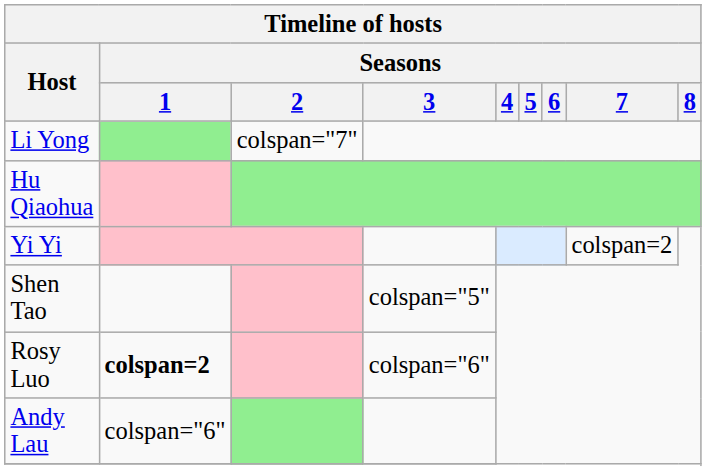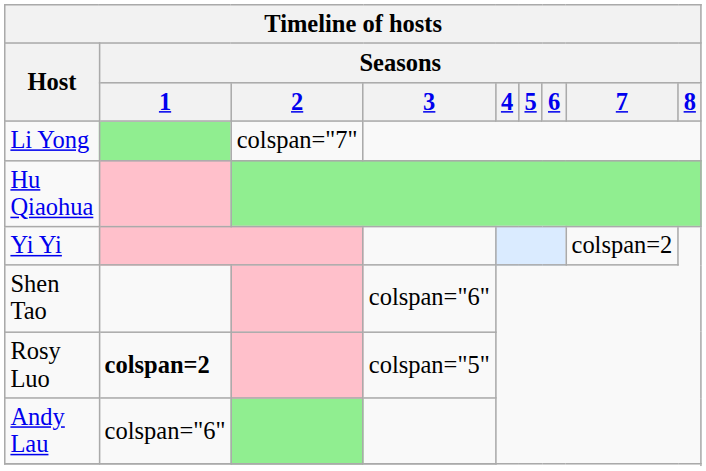 <table class="wikitable sortable mw-collapsible plainrowheaders collapsible" style="width:30%;">
 <tr>
 <th colspan="54">Timeline of hosts</th>
 </tr>
 <tr>
 <th rowspan="2" style="width:7%;">Host</th>
 <th colspan="8">Seasons</th>
 </tr>
 <tr>
 <th style="width:5%;"><a href='#'>1</a></th>
 <th style="width:5%;"><a href='#'>2</a></th>
 <th style="width:5%;"><a href='#'>3</a></th>
 <th style="width:5%;"><a href='#'>4</a></th>
 <th style="width:5%;"><a href='#'>5</a></th>
 <th style="width:5%;"><a href='#'>6</a></th>
 <th style="width:5%;"><a href='#'>7</a></th>
 <th style="width:5%;"><a href='#'>8</a></th>
 </tr>
 <tr>
 <td><a href='#'>Li Yong</a></td>
 <td colspan=1 style="background:#90ee90;"></td>
 <td>colspan="7" </td>
 </tr>
 <tr>
 <td><a href='#'>Hu Qiaohua</a></td>
 <td style="background:pink"></td>
 <td colspan=7 style="background:#90ee90;"></td>
 </tr>
 <tr>
 <td><a href='#'>Yi Yi</a></td>
 <td colspan=2 style="background:pink"></td>
 <td></td>
 <td colspan=3 style="background:#DAEBFF"></td>
 <td>colspan=2 </td>
 </tr>
 <tr>
 <td>Shen Tao</td>
 <td></td>
 <td style="background:pink"></td>
-<td>colspan="5" </td>
+<td>colspan="6" </td>
 </tr>
 <tr>
 <td>Rosy Luo</td>
 <td><strong>colspan=2 </strong></td>
 <td style="background:pink"></td>
-<td>colspan="6" </td>
+<td>colspan="5" </td>
 </tr>
 <tr>
 <td><a href='#'>Andy Lau</a></td>
 <td>colspan="6" </td>
 <td colspan=1 style="background:#90ee90;"></td>
 <td></td>
 </tr>
 <tr>
 </tr>
 </table>
